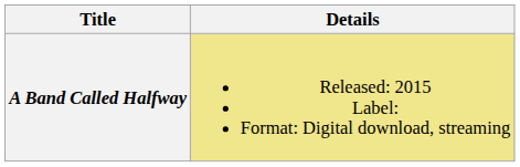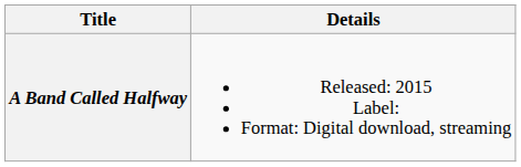 <table class="wikitable plainrowheaders" style="text-align:center;" border="1">
 <tr>
 <th>Title</th>
 <th>Details</th>
 </tr>
 <tr>
 <th scope="row"><em>A Band Called Halfway</em></th>
-<td style="background: khaki;"><br><ul><li>Released: 2015 </li><li>Label: </li><li>Format: Digital download, streaming</li></ul></td>
+<td><br><ul><li>Released: 2015 </li><li>Label: </li><li>Format: Digital download, streaming</li></ul></td>
 </tr>
 </table>
